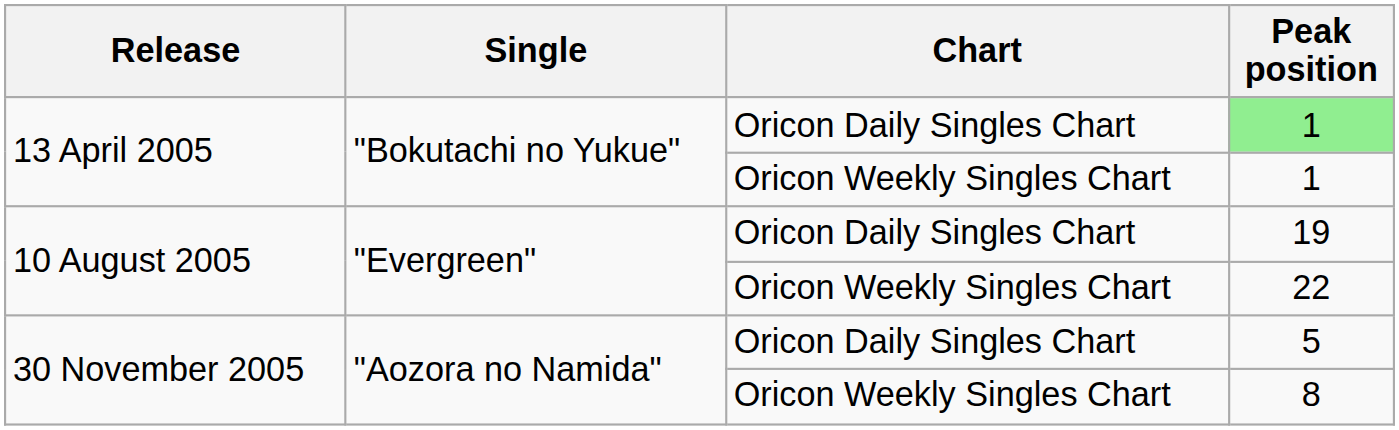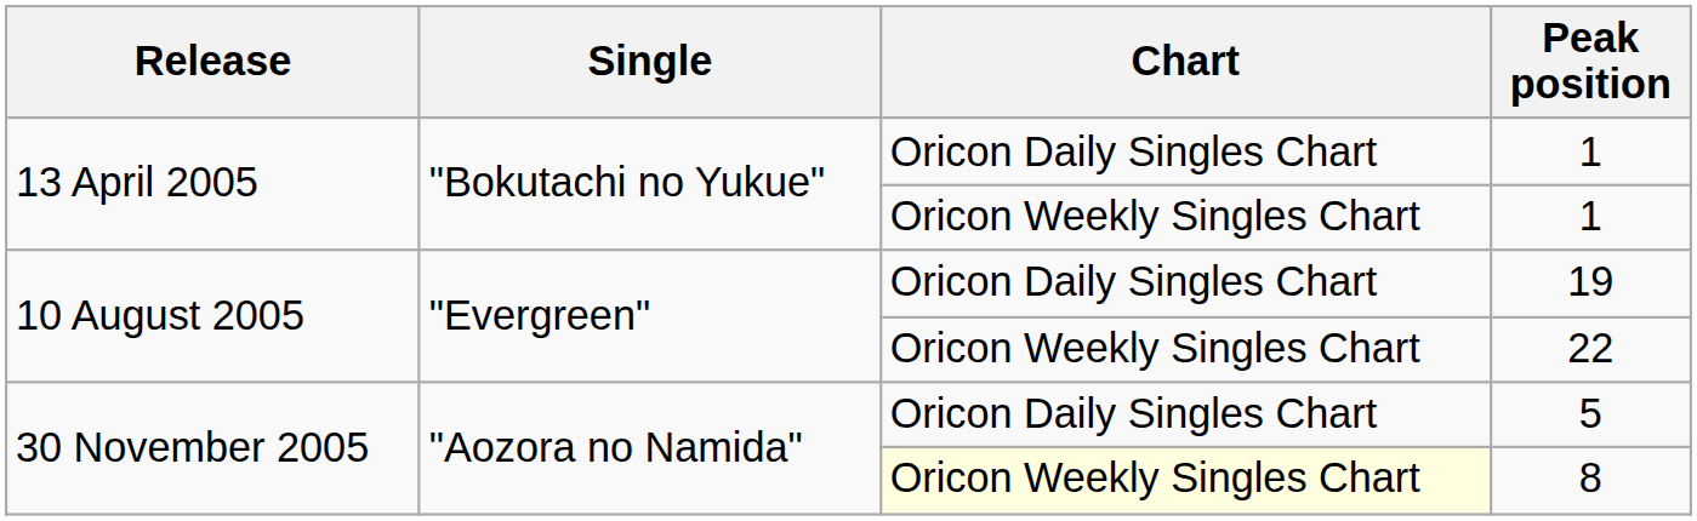 <table class="wikitable" width="650px">
 <tr>
 <th scope="col">Release</th>
 <th scope="col">Single</th>
 <th scope="col">Chart</th>
 <th scope="col">Peak<br>position</th>
 </tr>
 <tr>
 <td rowspan=2>13 April 2005</td>
 <td rowspan=2>"Bokutachi no Yukue"</td>
 <td>Oricon Daily Singles Chart</td>
-<td align="center" style="background: lightgreen;">1</td>
+<td align="center">1</td>
 </tr>
 <tr>
 <td>Oricon Weekly Singles Chart</td>
 <td align="center">1</td>
 </tr>
 <tr>
 <td rowspan=2>10 August 2005</td>
 <td rowspan=2>"Evergreen"</td>
 <td>Oricon Daily Singles Chart</td>
 <td align="center">19</td>
 </tr>
 <tr>
 <td>Oricon Weekly Singles Chart</td>
 <td align="center">22</td>
 </tr>
 <tr>
 <td rowspan=2>30 November 2005</td>
 <td rowspan=2>"Aozora no Namida"</td>
 <td>Oricon Daily Singles Chart</td>
 <td align="center">5</td>
 </tr>
 <tr>
-<td>Oricon Weekly Singles Chart</td>
+<td style="background: lightyellow;">Oricon Weekly Singles Chart</td>
 <td align="center">8</td>
 </tr>
 </table>
